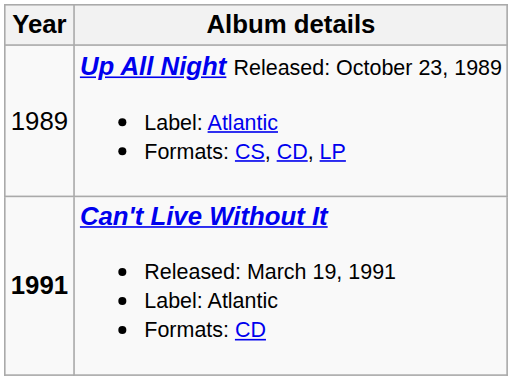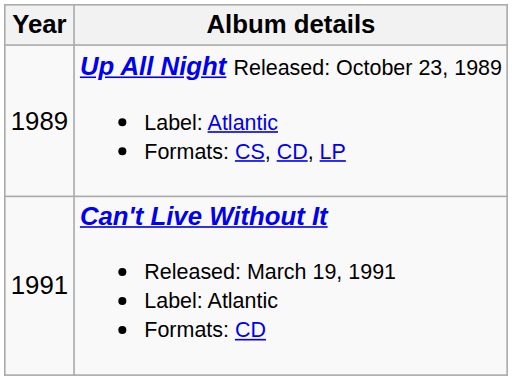 <table class="wikitable" style="text-align:center;">
 <tr>
 <th>Year</th>
 <th>Album details</th>
 </tr>
 <tr>
 <td>1989</td>
 <td style="text-align:left;"><strong><em><a href='#'>Up All Night</a></em></strong> <small>Released: October 23, 1989</small><br><ul><li><small>Label: <a href='#'>Atlantic</a></small></li><li><small>Formats: <a href='#'>CS</a>, <a href='#'>CD</a>, <a href='#'>LP</a></small></li></ul></td>
 </tr>
 <tr>
-<td><strong>1991</strong></td>
+<td>1991</td>
 <td style="text-align:left;"><strong><em><a href='#'>Can't Live Without It</a></em></strong><br><ul><li><small>Released: March 19, 1991</small></li><li><small>Label: Atlantic</small></li><li><small>Formats: <a href='#'>CD</a></small></li></ul></td>
 </tr>
 </table>
